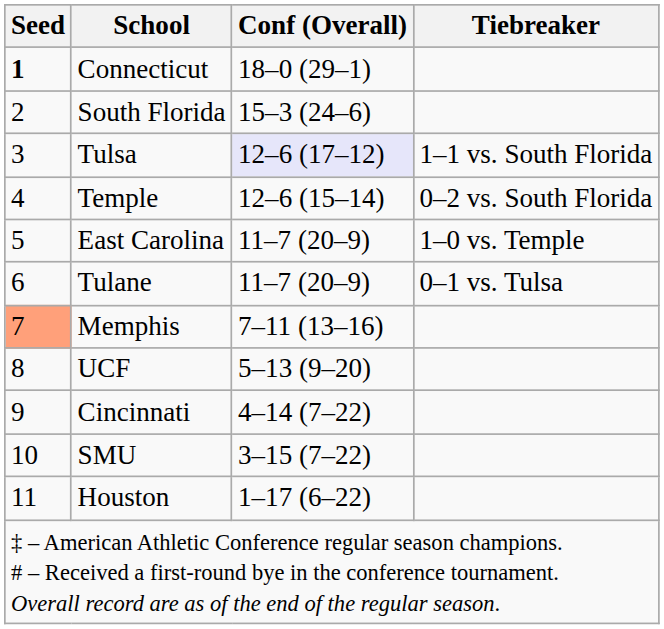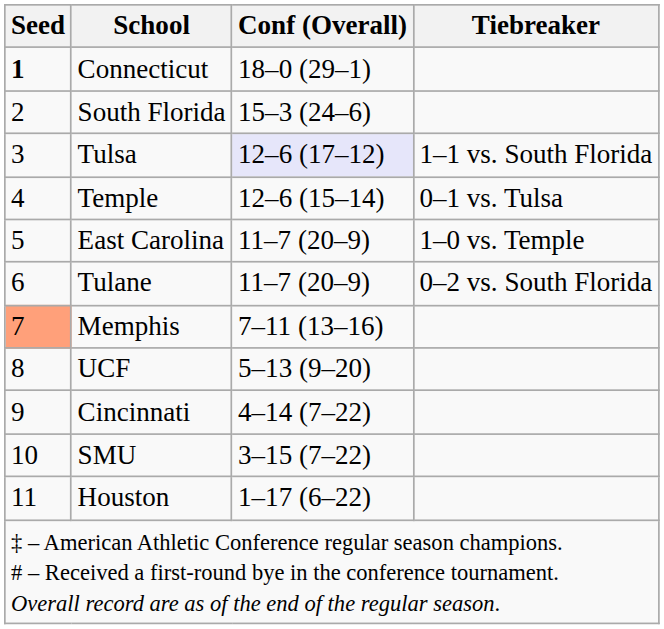 <table class="wikitable">
 <tr>
 <th>Seed</th>
 <th>School</th>
 <th>Conf (Overall)</th>
 <th>Tiebreaker</th>
 </tr>
 <tr>
 <td><strong>1</strong></td>
 <td>Connecticut</td>
 <td>18–0 (29–1)</td>
 <td></td>
 </tr>
 <tr>
 <td>2</td>
 <td>South Florida</td>
 <td>15–3 (24–6)</td>
 <td></td>
 </tr>
 <tr>
 <td>3</td>
 <td>Tulsa</td>
 <td style="background: lavender;">12–6 (17–12)</td>
 <td>1–1 vs. South Florida</td>
 </tr>
 <tr>
 <td>4</td>
 <td>Temple</td>
 <td>12–6 (15–14)</td>
-<td>0–2 vs. South Florida</td>
+<td>0–1 vs. Tulsa</td>
 </tr>
 <tr>
 <td>5</td>
 <td>East Carolina</td>
 <td>11–7 (20–9)</td>
 <td>1–0 vs. Temple</td>
 </tr>
 <tr>
 <td>6</td>
 <td>Tulane</td>
 <td>11–7 (20–9)</td>
-<td>0–1 vs. Tulsa</td>
+<td>0–2 vs. South Florida</td>
 </tr>
 <tr>
 <td style="background: lightsalmon;">7</td>
 <td>Memphis</td>
 <td>7–11 (13–16)</td>
 <td></td>
 </tr>
 <tr>
 <td>8</td>
 <td>UCF</td>
 <td>5–13 (9–20)</td>
 <td></td>
 </tr>
 <tr>
 <td>9</td>
 <td>Cincinnati</td>
 <td>4–14 (7–22)</td>
 <td></td>
 </tr>
 <tr>
 <td>10</td>
 <td>SMU</td>
 <td>3–15 (7–22)</td>
 <td></td>
 </tr>
 <tr>
 <td>11</td>
 <td>Houston</td>
 <td>1–17 (6–22)</td>
 <td></td>
 </tr>
 <tr>
 <td colspan="6" style="text-align:left;"><small>‡ – American Athletic Conference regular season champions.<br># – Received a first-round bye in the conference tournament. <br><em>Overall record are as of the end of the regular season</em>.</small></td>
 </tr>
 </table>
